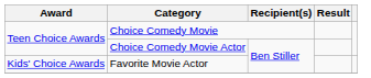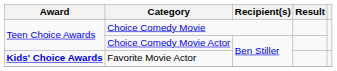 <table class="wikitable plainrowheaders sortable">
 <tr>
 <th scope="col">Award</th>
 <th scope="col">Category</th>
 <th scope="col">Recipient(s)</th>
 <th scope="col">Result</th>
 <th scope="col" class="unsortable"></th>
 </tr>
 <tr>
 <td rowspan="2"><a href='#'>Teen Choice Awards</a></td>
 <td colspan="2"><a href='#'>Choice Comedy Movie</a></td>
 <td></td>
 <td rowspan="2" style="text-align:center;"></td>
 </tr>
 <tr>
 <td><a href='#'>Choice Comedy Movie Actor</a></td>
 <td rowspan="2"><a href='#'>Ben Stiller</a></td>
 <td></td>
 </tr>
 <tr>
-<td><a href='#'>Kids' Choice Awards</a></td>
+<td><strong><a href='#'>Kids' Choice Awards</a></strong></td>
 <td>Favorite Movie Actor</td>
 <td></td>
 <td style="text-align:center;"></td>
 </tr>
 <tr>
 </tr>
 </table>
